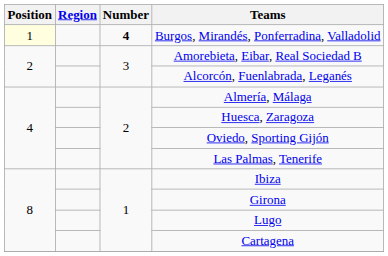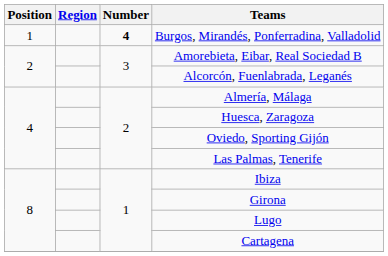 <table class="wikitable">
 <tr>
 <th>Position</th>
 <th><a href='#'>Region</a></th>
 <th>Number</th>
 <th>Teams</th>
 </tr>
 <tr>
-<td align=center style="background: lightyellow;">1</td>
+<td align=center>1</td>
 <td></td>
 <td align=center><strong>4</strong></td>
 <td align=center><a href='#'>Burgos</a>, <a href='#'>Mirandés</a>, <a href='#'>Ponferradina</a>, <a href='#'>Valladolid</a></td>
 </tr>
 <tr>
 <td align=center rowspan=2>2</td>
 <td></td>
 <td align=center rowspan=2>3</td>
 <td align=center><a href='#'>Amorebieta</a>, <a href='#'>Eibar</a>, <a href='#'>Real Sociedad B</a></td>
 </tr>
 <tr>
 <td></td>
 <td align=center><a href='#'>Alcorcón</a>, <a href='#'>Fuenlabrada</a>, <a href='#'>Leganés</a></td>
 </tr>
 <tr>
 <td align=center rowspan=4>4</td>
 <td></td>
 <td align=center rowspan=4>2</td>
 <td align=center><a href='#'>Almería</a>, <a href='#'>Málaga</a></td>
 </tr>
 <tr>
 <td></td>
 <td align=center><a href='#'>Huesca</a>, <a href='#'>Zaragoza</a></td>
 </tr>
 <tr>
 <td></td>
 <td align=center><a href='#'>Oviedo</a>, <a href='#'>Sporting Gijón</a></td>
 </tr>
 <tr>
 <td></td>
 <td align=center><a href='#'>Las Palmas</a>, <a href='#'>Tenerife</a></td>
 </tr>
 <tr>
 <td align=center rowspan=4>8</td>
 <td></td>
 <td align=center rowspan=4>1</td>
 <td align=center><a href='#'>Ibiza</a></td>
 </tr>
 <tr>
 <td></td>
 <td align=center><a href='#'>Girona</a></td>
 </tr>
 <tr>
 <td></td>
 <td align=center><a href='#'>Lugo</a></td>
 </tr>
 <tr>
 <td></td>
 <td align=center><a href='#'>Cartagena</a></td>
 </tr>
 <tr>
 </tr>
 </table>
